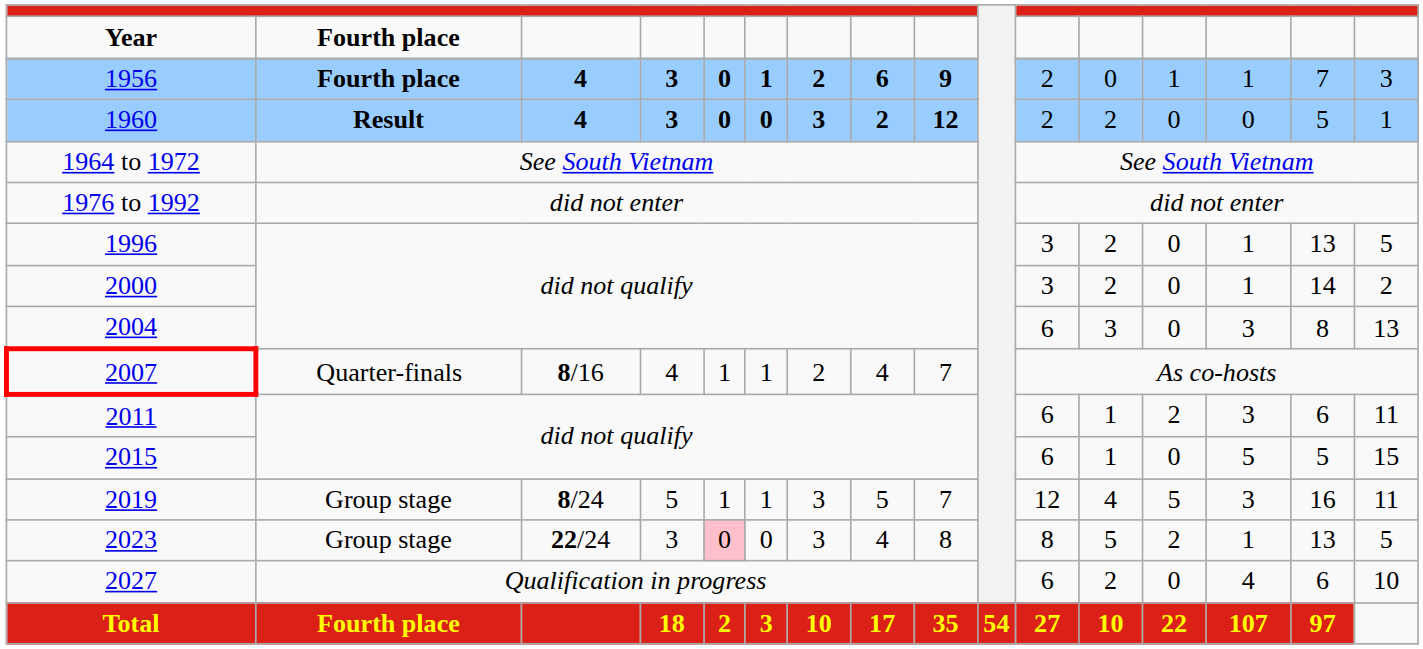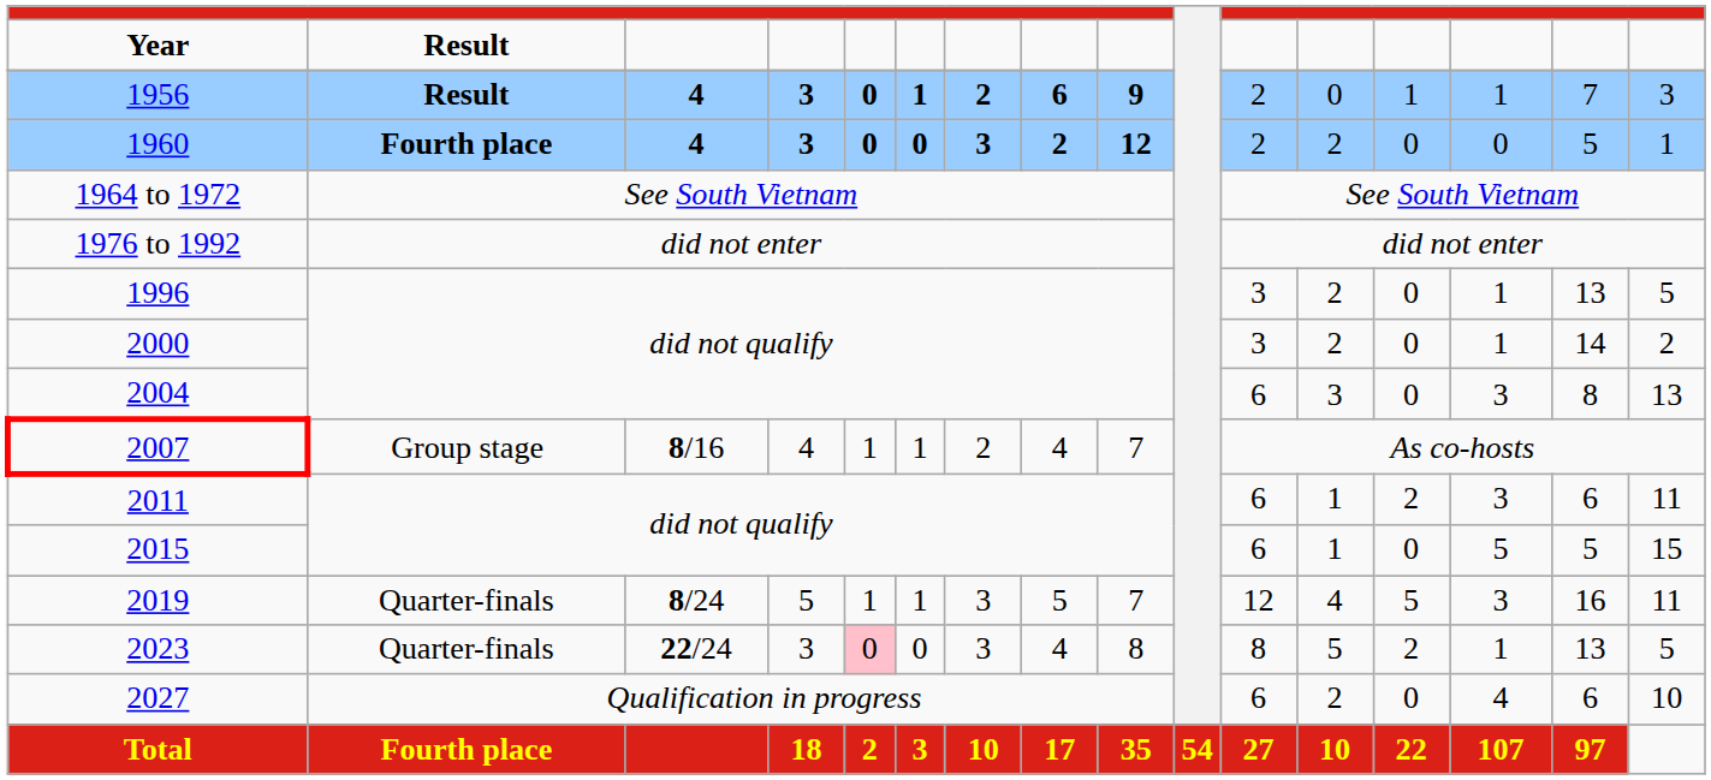 <table class="wikitable" style="text-align:center;">
 <tr>
 <th colspan="9" style="background: #DB2017; color: #FFFF00;"><a href='#'></a></th>
 <th style="width:1%;" rowspan="16"></th>
 <th colspan="6" style="background: #DB2017; color: #FFFF00;"><a href='#'></a></th>
 </tr>
 <tr>
 <td><strong>Year</strong></td>
-<td><strong>Fourth place</strong></td>
+<td><strong>Result</strong></td>
 <td><strong></strong></td>
 <td><strong></strong></td>
 <td><strong></strong></td>
 <td><strong></strong></td>
 <td><strong></strong></td>
 <td><strong></strong></td>
 <td><strong></strong></td>
 <td><strong></strong></td>
 <td><strong></strong></td>
 <td><strong></strong></td>
 <td><strong></strong></td>
 <td><strong></strong></td>
 <td><strong></strong></td>
 </tr>
 <tr>
 </tr>
 <tr bgcolor=#9acdff>
 <td> <a href='#'>1956</a></td>
-<td><strong>Fourth place</strong></td>
+<td><strong>Result</strong></td>
 <td><strong>4</strong></td>
 <td><strong>3</strong></td>
 <td><strong>0</strong></td>
 <td><strong>1</strong></td>
 <td><strong>2</strong></td>
 <td><strong>6</strong></td>
 <td><strong>9</strong></td>
 <td>2</td>
 <td>0</td>
 <td>1</td>
 <td>1</td>
 <td>7</td>
 <td>3</td>
 </tr>
 <tr bgcolor=#9acdff>
 <td> <a href='#'>1960</a></td>
-<td><strong>Result</strong></td>
+<td><strong>Fourth place</strong></td>
 <td><strong>4</strong></td>
 <td><strong>3</strong></td>
 <td><strong>0</strong></td>
 <td><strong>0</strong></td>
 <td><strong>3</strong></td>
 <td><strong>2</strong></td>
 <td><strong>12</strong></td>
 <td>2</td>
 <td>2</td>
 <td>0</td>
 <td>0</td>
 <td>5</td>
 <td>1</td>
 </tr>
 <tr>
 <td> <a href='#'>1964</a> to  <a href='#'>1972</a></td>
 <td colspan="8"><em>See <a href='#'>South Vietnam</a></em></td>
 <td colspan="6"><em>See <a href='#'>South Vietnam</a></em></td>
 </tr>
 <tr>
 <td> <a href='#'>1976</a> to  <a href='#'>1992</a></td>
 <td colspan="8"><em>did not enter</em></td>
 <td colspan="6"><em>did not enter</em></td>
 </tr>
 <tr>
 <td> <a href='#'>1996</a></td>
 <td colspan=8 rowspan=3><em>did not qualify</em></td>
 <td>3</td>
 <td>2</td>
 <td>0</td>
 <td>1</td>
 <td>13</td>
 <td>5</td>
 </tr>
 <tr>
 <td> <a href='#'>2000</a></td>
 <td>3</td>
 <td>2</td>
 <td>0</td>
 <td>1</td>
 <td>14</td>
 <td>2</td>
 </tr>
 <tr>
 <td> <a href='#'>2004</a></td>
 <td>6</td>
 <td>3</td>
 <td>0</td>
 <td>3</td>
 <td>8</td>
 <td>13</td>
 </tr>
 <tr bgcolor=>
 <td style="border:3px solid red;">    <a href='#'>2007</a></td>
-<td>Quarter-finals</td>
+<td>Group stage</td>
 <td><strong>8</strong>/16</td>
 <td>4</td>
 <td>1</td>
 <td>1</td>
 <td>2</td>
 <td>4</td>
 <td>7</td>
 <td colspan="6"><em>As co-hosts</em></td>
 </tr>
 <tr>
 <td> <a href='#'>2011</a></td>
 <td colspan=8 rowspan=2><em>did not qualify</em></td>
 <td>6</td>
 <td>1</td>
 <td>2</td>
 <td>3</td>
 <td>6</td>
 <td>11</td>
 </tr>
 <tr>
 <td> <a href='#'>2015</a></td>
 <td>6</td>
 <td>1</td>
 <td>0</td>
 <td>5</td>
 <td>5</td>
 <td>15</td>
 </tr>
 <tr bgcolor=>
 <td> <a href='#'>2019</a></td>
-<td>Group stage</td>
+<td>Quarter-finals</td>
 <td><strong>8</strong>/24</td>
 <td>5</td>
 <td>1</td>
 <td>1</td>
 <td>3</td>
 <td>5</td>
 <td>7</td>
 <td>12</td>
 <td>4</td>
 <td>5</td>
 <td>3</td>
 <td>16</td>
 <td>11</td>
 </tr>
 <tr>
 <td> <a href='#'>2023</a></td>
-<td>Group stage</td>
+<td>Quarter-finals</td>
 <td><strong>22</strong>/24</td>
 <td>3</td>
 <td style="background: pink;">0</td>
 <td>0</td>
 <td>3</td>
 <td>4</td>
 <td>8</td>
 <td>8</td>
 <td>5</td>
 <td>2</td>
 <td>1</td>
 <td>13</td>
 <td>5</td>
 </tr>
 <tr>
 <td> <a href='#'>2027</a></td>
 <td colspan="9"><em>Qualification in progress</em></td>
 <td>6</td>
 <td>2</td>
 <td>0</td>
 <td>4</td>
 <td>6</td>
 <td>10</td>
 </tr>
 <tr>
 <td colspan=1 style="background: #DB2017; color: #FFFF00;"><strong>Total</strong></td>
 <td style="background: #DB2017; color: #FFFF00;"><strong>Fourth place</strong></td>
 <td style="background: #DB2017; color: #FFFF00;"><strong></strong></td>
 <td style="background: #DB2017; color: #FFFF00;"><strong>18</strong></td>
 <td style="background: #DB2017; color: #FFFF00;"><strong>2</strong></td>
 <td style="background: #DB2017; color: #FFFF00;"><strong>3</strong></td>
 <td style="background: #DB2017; color: #FFFF00;"><strong>10</strong></td>
 <td style="background: #DB2017; color: #FFFF00;"><strong>17</strong></td>
 <td style="background: #DB2017; color: #FFFF00;"><strong>35</strong></td>
 <td style="background: #DB2017; color: #FFFF00;"><strong>54</strong></td>
 <td style="background: #DB2017; color: #FFFF00;"><strong>27</strong></td>
 <td style="background: #DB2017; color: #FFFF00;"><strong>10</strong></td>
 <td style="background: #DB2017; color: #FFFF00;"><strong>22</strong></td>
 <td style="background: #DB2017; color: #FFFF00;"><strong>107</strong></td>
 <td style="background: #DB2017; color: #FFFF00;"><strong>97</strong></td>
 </tr>
 </table>
